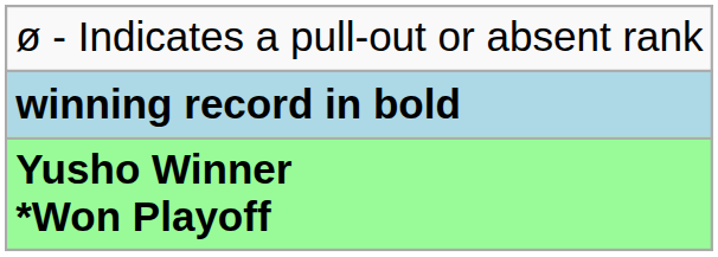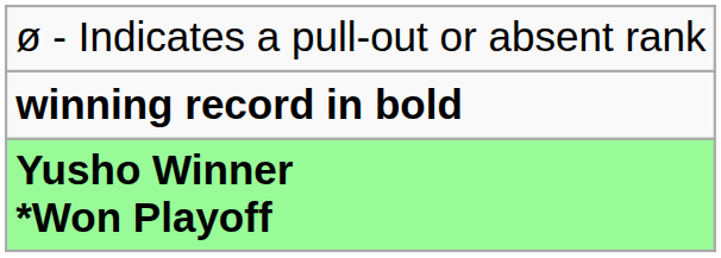 <table class="wikitable">
 <tr>
 <td>ø - Indicates a pull-out or absent rank</td>
 </tr>
 <tr>
-<td style="background: lightblue;"><strong>winning record in bold</strong></td>
+<td><strong>winning record in bold</strong></td>
 </tr>
 <tr>
 <td style="background: PaleGreen;"><strong>Yusho Winner</strong> <br> <strong>*Won Playoff</strong></td>
 </tr>
 </table>
